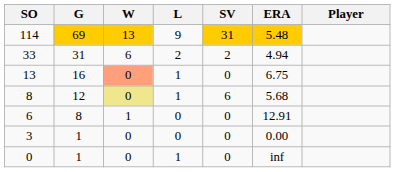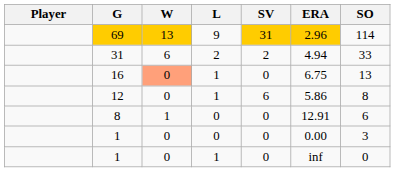 <table class="wikitable sortable">
 <tr>
-<th bgcolor="#DDDDFF" width="9%">SO</th>
+<th bgcolor="#DDDDFF" width="16%">Player</th>
 <th bgcolor="#DDDDFF" width="9%">G</th>
 <th bgcolor="#DDDDFF" width="9%">W</th>
 <th bgcolor="#DDDDFF" width="9%">L</th>
 <th bgcolor="#DDDDFF" width="9%">SV</th>
 <th bgcolor="#DDDDFF" width="9%">ERA</th>
-<th bgcolor="#DDDDFF" width="16%">Player</th>
+<th bgcolor="#DDDDFF" width="9%">SO</th>
 </tr>
 <tr align="center">
-<td>114</td>
+<td></td>
 <td style="background:#fc0;">69</td>
 <td style="background:#fc0;">13</td>
 <td>9</td>
 <td style="background:#fc0;">31</td>
-<td style="background:#fc0;">5.48</td>
-<td></td>
+<td style="background:#fc0;">2.96</td>
+<td>114</td>
 </tr>
 <tr align="center">
-<td>33</td>
+<td></td>
 <td>31</td>
 <td>6</td>
 <td>2</td>
 <td>2</td>
 <td>4.94</td>
-<td></td>
+<td>33</td>
 </tr>
 <tr align="center">
-<td>13</td>
+<td></td>
 <td>16</td>
 <td style="background: lightsalmon;">0</td>
 <td>1</td>
 <td>0</td>
 <td>6.75</td>
-<td></td>
+<td>13</td>
 </tr>
 <tr align="center">
-<td>8</td>
+<td></td>
 <td>12</td>
-<td style="background: khaki;">0</td>
+<td>0</td>
 <td>1</td>
 <td>6</td>
-<td>5.68</td>
-<td></td>
+<td>5.86</td>
+<td>8</td>
 </tr>
 <tr align="center">
-<td>6</td>
+<td></td>
 <td>8</td>
 <td>1</td>
 <td>0</td>
 <td>0</td>
 <td>12.91</td>
-<td></td>
+<td>6</td>
 </tr>
 <tr align="center">
-<td>3</td>
+<td></td>
 <td>1</td>
 <td>0</td>
 <td>0</td>
 <td>0</td>
 <td>0.00</td>
-<td></td>
+<td>3</td>
 </tr>
 <tr align="center">
-<td>0</td>
+<td></td>
 <td>1</td>
 <td>0</td>
 <td>1</td>
 <td>0</td>
 <td>inf</td>
-<td></td>
+<td>0</td>
 </tr>
 </table>
